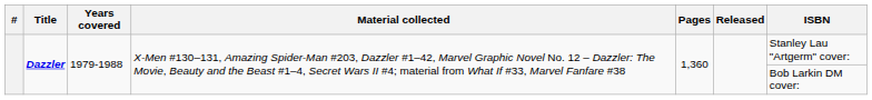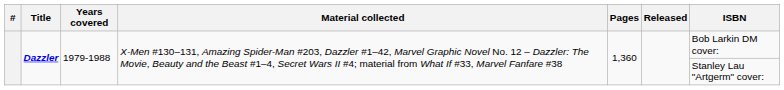 <table class="wikitable sortable" width="99%">
 <tr>
 <th class="unsortable" width="20px">#</th>
 <th>Title</th>
 <th>Years covered</th>
 <th class="unsortable">Material collected</th>
 <th>Pages</th>
 <th>Released</th>
 <th class="unsortable">ISBN</th>
 </tr>
 <tr>
 <th rowspan="2" style="background-color: light grey;"></th>
 <td rowspan="2"><strong><em><a href='#'>Dazzler</a></em></strong></td>
 <td rowspan="2">1979-1988</td>
 <td rowspan="2"><em>X-Men</em> #130–131, <em>Amazing Spider-Man</em> #203, <em>Dazzler</em> #1–42, <em>Marvel Graphic Novel</em> No. 12 – <em>Dazzler: The Movie</em>, <em>Beauty and the Beast</em> #1–4, <em>Secret Wars II</em> #4; material from <em>What If</em> #33, <em>Marvel Fanfare</em> #38</td>
 <td rowspan="2" style="text-align: center;">1,360</td>
 <td rowspan="2"></td>
+<td>Bob Larkin DM cover: </td>
+</tr>
+<tr>
 <td>Stanley Lau "Artgerm" cover: </td>
 </tr>
-<tr>
-<td>Bob Larkin DM cover: </td>
-</tr>
 </table>
